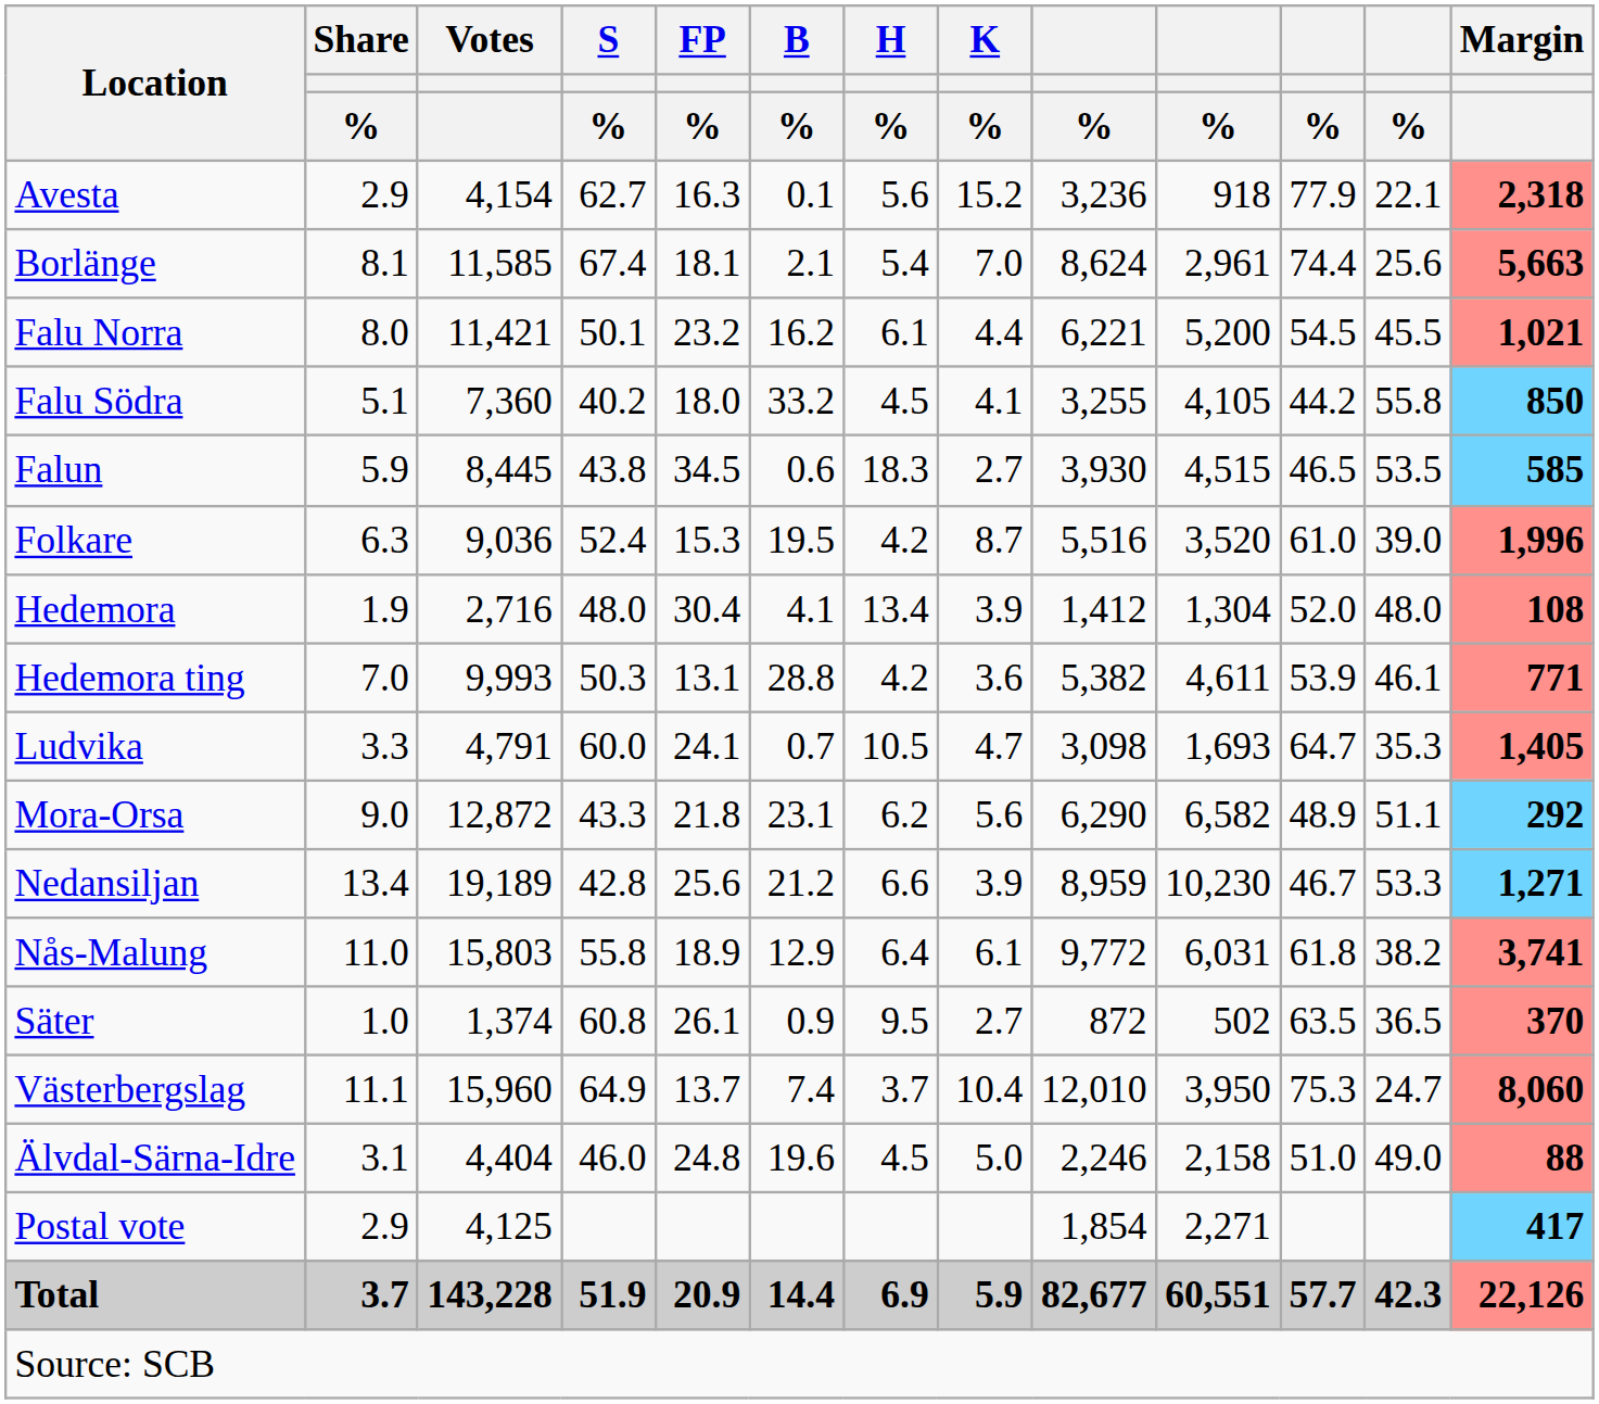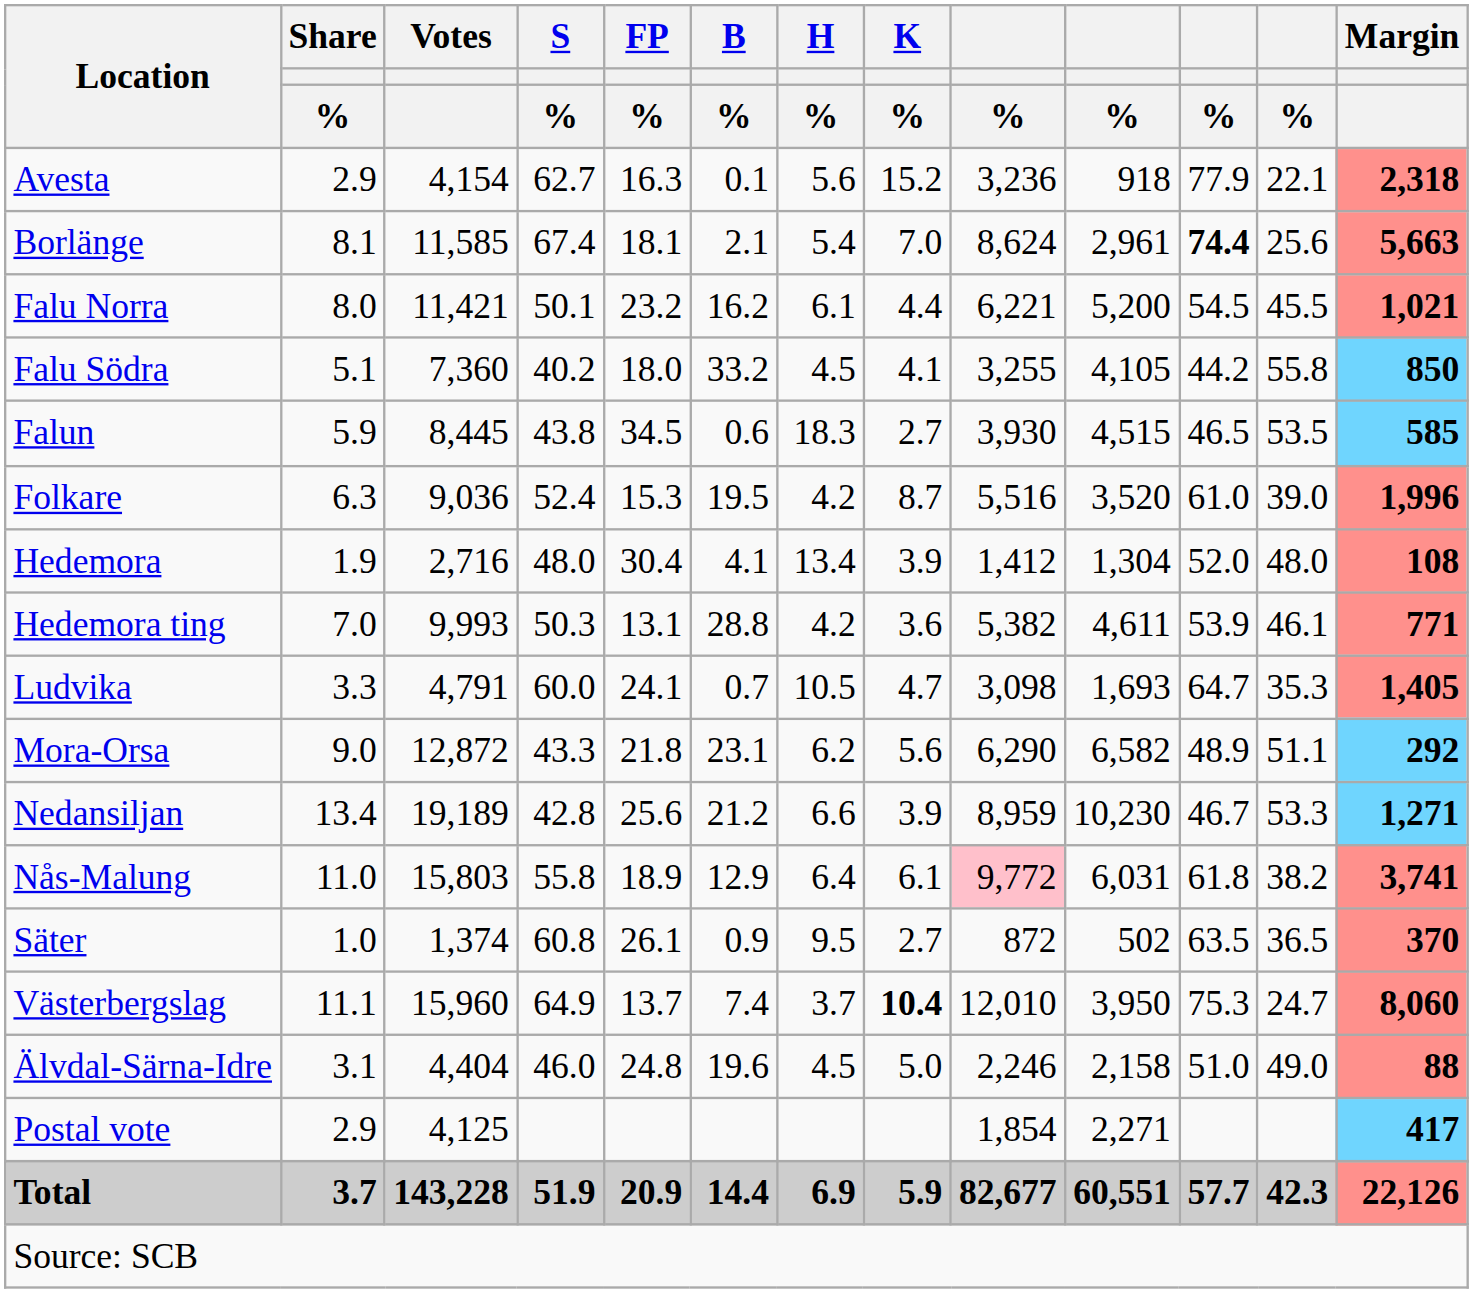 <table class="wikitable sortable" style="text-align:right; font-size:95%; line-height:20px;">
 <tr>
 <th rowspan="3">Location</th>
 <th>Share</th>
 <th>Votes</th>
 <th width="30px" class="unsortable"><a href='#'>S</a></th>
 <th width="30px" class="unsortable"><a href='#'>FP</a></th>
 <th width="30px" class="unsortable"><a href='#'>B</a></th>
 <th width="30px" class="unsortable"><a href='#'>H</a></th>
 <th width="30px" class="unsortable"><a href='#'>K</a></th>
 <th></th>
 <th></th>
 <th></th>
 <th></th>
 <th>Margin</th>
 </tr>
 <tr>
 <th></th>
 <th></th>
 <th style="background:"></th>
 <th style="background:"></th>
 <th style="background:"></th>
 <th style="background:"></th>
 <th style="background:"></th>
 <th style="background:"></th>
 <th style="background:"></th>
 <th style="background:"></th>
 <th style="background:"></th>
 <th></th>
 </tr>
 <tr>
 <th data-sort-type="number">%</th>
 <th></th>
 <th data-sort-type="number">%</th>
 <th data-sort-type="number">%</th>
 <th data-sort-type="number">%</th>
 <th data-sort-type="number">%</th>
 <th data-sort-type="number">%</th>
 <th data-sort-type="number">%</th>
 <th data-sort-type="number">%</th>
 <th data-sort-type="number">%</th>
 <th data-sort-type="number">%</th>
 <th data-sort-type="number"></th>
 </tr>
 <tr>
 <td align=left><a href='#'>Avesta</a></td>
 <td>2.9</td>
 <td>4,154</td>
 <td>62.7</td>
 <td>16.3</td>
 <td>0.1</td>
 <td>5.6</td>
 <td>15.2</td>
 <td>3,236</td>
 <td>918</td>
 <td>77.9</td>
 <td>22.1</td>
 <td bgcolor=#ff908c><strong>2,318</strong></td>
 </tr>
 <tr>
 <td align=left><a href='#'>Borlänge</a></td>
 <td>8.1</td>
 <td>11,585</td>
 <td>67.4</td>
 <td>18.1</td>
 <td>2.1</td>
 <td>5.4</td>
 <td>7.0</td>
 <td>8,624</td>
 <td>2,961</td>
-<td>74.4</td>
+<td><strong>74.4</strong></td>
 <td>25.6</td>
 <td bgcolor=#ff908c><strong>5,663</strong></td>
 </tr>
 <tr>
 <td align=left><a href='#'>Falu Norra</a></td>
 <td>8.0</td>
 <td>11,421</td>
 <td>50.1</td>
 <td>23.2</td>
 <td>16.2</td>
 <td>6.1</td>
 <td>4.4</td>
 <td>6,221</td>
 <td>5,200</td>
 <td>54.5</td>
 <td>45.5</td>
 <td bgcolor=#ff908c><strong>1,021</strong></td>
 </tr>
 <tr>
 <td align=left><a href='#'>Falu Södra</a></td>
 <td>5.1</td>
 <td>7,360</td>
 <td>40.2</td>
 <td>18.0</td>
 <td>33.2</td>
 <td>4.5</td>
 <td>4.1</td>
 <td>3,255</td>
 <td>4,105</td>
 <td>44.2</td>
 <td>55.8</td>
 <td bgcolor=#6fd5fe><strong>850</strong></td>
 </tr>
 <tr>
 <td align=left><a href='#'>Falun</a></td>
 <td>5.9</td>
 <td>8,445</td>
 <td>43.8</td>
 <td>34.5</td>
 <td>0.6</td>
 <td>18.3</td>
 <td>2.7</td>
 <td>3,930</td>
 <td>4,515</td>
 <td>46.5</td>
 <td>53.5</td>
 <td bgcolor=#6fd5fe><strong>585</strong></td>
 </tr>
 <tr>
 <td align=left><a href='#'>Folkare</a></td>
 <td>6.3</td>
 <td>9,036</td>
 <td>52.4</td>
 <td>15.3</td>
 <td>19.5</td>
 <td>4.2</td>
 <td>8.7</td>
 <td>5,516</td>
 <td>3,520</td>
 <td>61.0</td>
 <td>39.0</td>
 <td bgcolor=#ff908c><strong>1,996</strong></td>
 </tr>
 <tr>
 <td align=left><a href='#'>Hedemora</a></td>
 <td>1.9</td>
 <td>2,716</td>
 <td>48.0</td>
 <td>30.4</td>
 <td>4.1</td>
 <td>13.4</td>
 <td>3.9</td>
 <td>1,412</td>
 <td>1,304</td>
 <td>52.0</td>
 <td>48.0</td>
 <td bgcolor=#ff908c><strong>108</strong></td>
 </tr>
 <tr>
 <td align=left><a href='#'>Hedemora ting</a></td>
 <td>7.0</td>
 <td>9,993</td>
 <td>50.3</td>
 <td>13.1</td>
 <td>28.8</td>
 <td>4.2</td>
 <td>3.6</td>
 <td>5,382</td>
 <td>4,611</td>
 <td>53.9</td>
 <td>46.1</td>
 <td bgcolor=#ff908c><strong>771</strong></td>
 </tr>
 <tr>
 <td align=left><a href='#'>Ludvika</a></td>
 <td>3.3</td>
 <td>4,791</td>
 <td>60.0</td>
 <td>24.1</td>
 <td>0.7</td>
 <td>10.5</td>
 <td>4.7</td>
 <td>3,098</td>
 <td>1,693</td>
 <td>64.7</td>
 <td>35.3</td>
 <td bgcolor=#ff908c><strong>1,405</strong></td>
 </tr>
 <tr>
 <td align=left><a href='#'>Mora-Orsa</a></td>
 <td>9.0</td>
 <td>12,872</td>
 <td>43.3</td>
 <td>21.8</td>
 <td>23.1</td>
 <td>6.2</td>
 <td>5.6</td>
 <td>6,290</td>
 <td>6,582</td>
 <td>48.9</td>
 <td>51.1</td>
 <td bgcolor=#6fd5fe><strong>292</strong></td>
 </tr>
 <tr>
 <td align=left><a href='#'>Nedansiljan</a></td>
 <td>13.4</td>
 <td>19,189</td>
 <td>42.8</td>
 <td>25.6</td>
 <td>21.2</td>
 <td>6.6</td>
 <td>3.9</td>
 <td>8,959</td>
 <td>10,230</td>
 <td>46.7</td>
 <td>53.3</td>
 <td bgcolor=#6fd5fe><strong>1,271</strong></td>
 </tr>
 <tr>
 <td align=left><a href='#'>Nås-Malung</a></td>
 <td>11.0</td>
 <td>15,803</td>
 <td>55.8</td>
 <td>18.9</td>
 <td>12.9</td>
 <td>6.4</td>
 <td>6.1</td>
-<td>9,772</td>
+<td style="background: pink;">9,772</td>
 <td>6,031</td>
 <td>61.8</td>
 <td>38.2</td>
 <td bgcolor=#ff908c><strong>3,741</strong></td>
 </tr>
 <tr>
 <td align=left><a href='#'>Säter</a></td>
 <td>1.0</td>
 <td>1,374</td>
 <td>60.8</td>
 <td>26.1</td>
 <td>0.9</td>
 <td>9.5</td>
 <td>2.7</td>
 <td>872</td>
 <td>502</td>
 <td>63.5</td>
 <td>36.5</td>
 <td bgcolor=#ff908c><strong>370</strong></td>
 </tr>
 <tr>
 <td align=left><a href='#'>Västerbergslag</a></td>
 <td>11.1</td>
 <td>15,960</td>
 <td>64.9</td>
 <td>13.7</td>
 <td>7.4</td>
 <td>3.7</td>
-<td>10.4</td>
+<td><strong>10.4</strong></td>
 <td>12,010</td>
 <td>3,950</td>
 <td>75.3</td>
 <td>24.7</td>
 <td bgcolor=#ff908c><strong>8,060</strong></td>
 </tr>
 <tr>
 <td align=left><a href='#'>Älvdal-Särna-Idre</a></td>
 <td>3.1</td>
 <td>4,404</td>
 <td>46.0</td>
 <td>24.8</td>
 <td>19.6</td>
 <td>4.5</td>
 <td>5.0</td>
 <td>2,246</td>
 <td>2,158</td>
 <td>51.0</td>
 <td>49.0</td>
 <td bgcolor=#ff908c><strong>88</strong></td>
 </tr>
 <tr>
 <td align=left><a href='#'>Postal vote</a></td>
 <td>2.9</td>
 <td>4,125</td>
 <td></td>
 <td></td>
 <td></td>
 <td></td>
 <td></td>
 <td>1,854</td>
 <td>2,271</td>
 <td></td>
 <td></td>
 <td bgcolor=#6fd5fe><strong>417</strong></td>
 </tr>
 <tr>
 </tr>
 <tr style="background:#CDCDCD;">
 <td align=left><strong>Total</strong></td>
 <td><strong>3.7</strong></td>
 <td><strong>143,228</strong></td>
 <td><strong>51.9</strong></td>
 <td><strong>20.9</strong></td>
 <td><strong>14.4</strong></td>
 <td><strong>6.9</strong></td>
 <td><strong>5.9</strong></td>
 <td><strong>82,677</strong></td>
 <td><strong>60,551</strong></td>
 <td><strong>57.7</strong></td>
 <td><strong>42.3</strong></td>
 <td bgcolor=#ff908c><strong>22,126</strong></td>
 </tr>
 <tr>
 <td align=left colspan=13>Source: SCB </td>
 </tr>
 </table>
